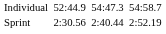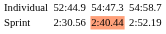 <table>
 <tr>
 <td>Individual</td>
 <td></td>
 <td>52:44.9</td>
 <td></td>
 <td>54:47.3</td>
 <td></td>
 <td>54:58.7</td>
 </tr>
 <tr>
 <td>Sprint</td>
 <td></td>
 <td>2:30.56</td>
 <td></td>
-<td>2:40.44</td>
+<td style="background: lightsalmon;">2:40.44</td>
 <td></td>
 <td>2:52.19</td>
 </tr>
 </table>
